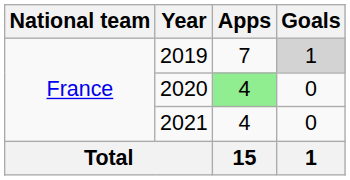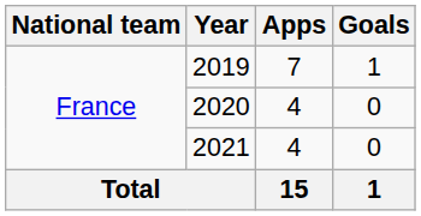 <table class="wikitable" style="text-align: center;">
 <tr>
 <th>National team</th>
 <th>Year</th>
 <th>Apps</th>
 <th>Goals</th>
 </tr>
 <tr>
 <td rowspan=3><a href='#'>France</a></td>
 <td>2019</td>
 <td>7</td>
-<td style="background: lightgrey;">1</td>
+<td>1</td>
 </tr>
 <tr>
 <td>2020</td>
-<td style="background: lightgreen;">4</td>
+<td>4</td>
 <td>0</td>
 </tr>
 <tr>
 <td>2021</td>
 <td>4</td>
 <td>0</td>
 </tr>
 <tr>
 <th colspan=2>Total</th>
 <th>15</th>
 <th>1</th>
 </tr>
 </table>
